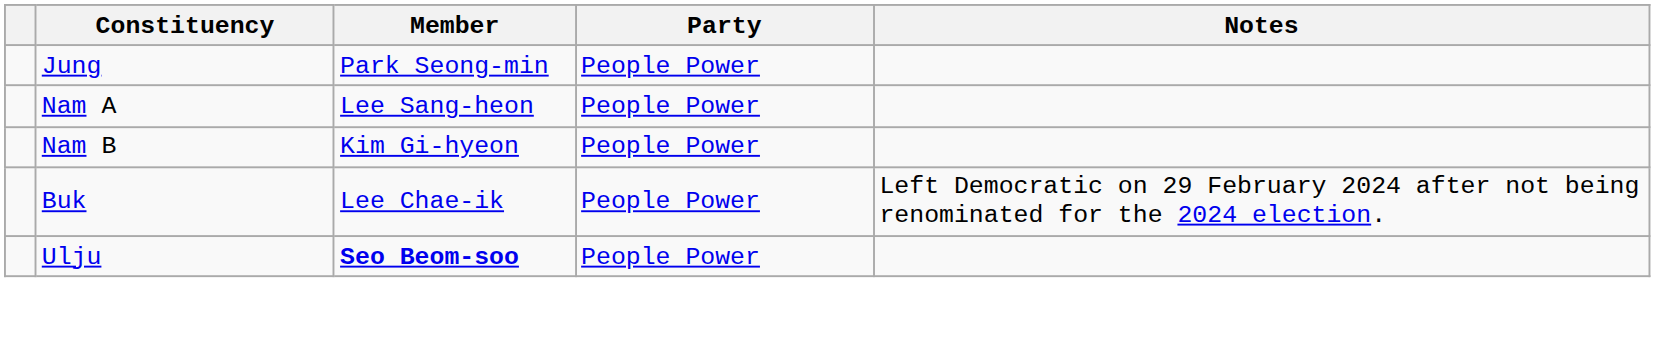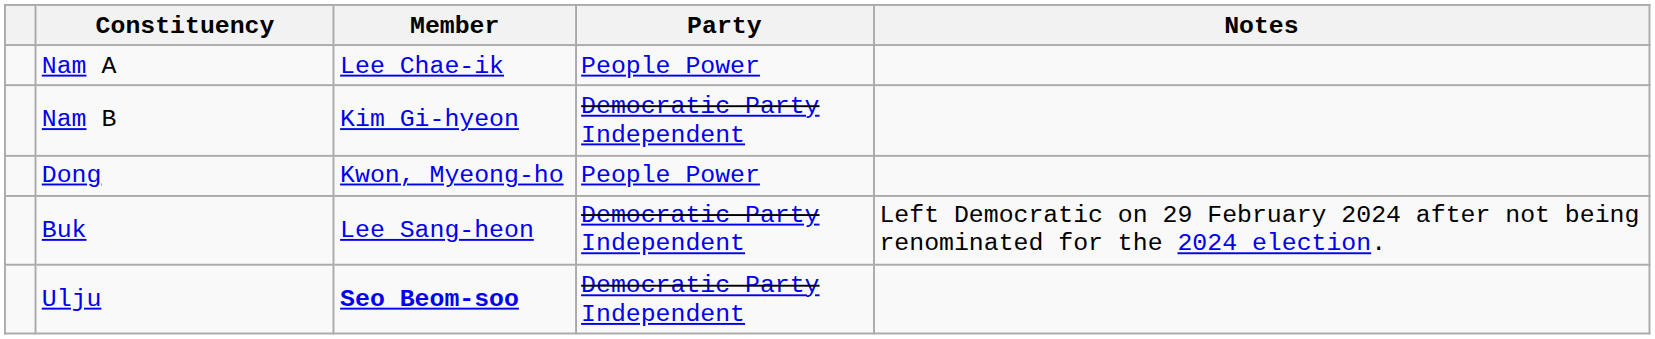 <table class="wikitable sortable">
 <tr>
 <th scope="col" style="width:10px;" class="unsortable"></th>
 <th scope="col" style="width:150px;">Constituency</th>
 <th scope="col" style="width:120px;">Member</th>
 <th scope="col" style="width:150px;">Party</th>
 <th scope="col" style="width:400px;" class="unsortable">Notes</th>
 </tr>
 <tr>
 <td scope="row" style="background-color:"></td>
-<td><a href='#'>Jung</a></td>
-<td><a href='#'>Park Seong-min</a></td>
-<td><a href='#'>People Power</a></td>
-<td></td>
-</tr>
-<tr>
-<td scope="row" style="background-color:"></td>
 <td><a href='#'>Nam</a> A</td>
-<td><a href='#'>Lee Sang-heon</a></td>
+<td><a href='#'>Lee Chae-ik</a></td>
 <td><a href='#'>People Power</a></td>
 <td></td>
 </tr>
 <tr>
 <td scope="row" style="background-color:"></td>
 <td><a href='#'>Nam</a> B</td>
 <td><a href='#'>Kim Gi-hyeon</a></td>
+<td><s><a href='#'>Democratic Party</a></s><br><a href='#'>Independent</a></td>
+<td></td>
+</tr>
+<tr>
+<td scope="row" style="background-color:"></td>
+<td><a href='#'>Dong</a></td>
+<td><a href='#'>Kwon, Myeong-ho</a></td>
 <td><a href='#'>People Power</a></td>
 <td></td>
 </tr>
 <tr>
 <td scope="row" style="background-color:"></td>
 <td><a href='#'>Buk</a></td>
-<td><a href='#'>Lee Chae-ik</a></td>
-<td><a href='#'>People Power</a></td>
+<td><a href='#'>Lee Sang-heon</a></td>
+<td><s><a href='#'>Democratic Party</a></s><br><a href='#'>Independent</a></td>
 <td>Left Democratic on 29 February 2024 after not being renominated for the <a href='#'>2024 election</a>.</td>
 </tr>
 <tr>
 <td scope="row" style="background-color:"></td>
 <td><a href='#'>Ulju</a></td>
 <td><strong><a href='#'>Seo Beom-soo</a></strong></td>
-<td><a href='#'>People Power</a></td>
+<td><s><a href='#'>Democratic Party</a></s><br><a href='#'>Independent</a></td>
 <td></td>
 </tr>
 </table>
